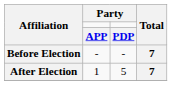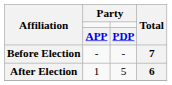 <table class="wikitable" style="text-align:center">
 <tr>
 <th rowspan="3">Affiliation</th>
 <th colspan="2">Party</th>
 <th rowspan="3">Total</th>
 </tr>
 <tr>
 <td style="background-color:"></td>
 <td style="background-color:"></td>
 </tr>
 <tr>
 <th><a href='#'>APP</a></th>
 <th><a href='#'>PDP</a></th>
 </tr>
 <tr>
 <th>Before Election</th>
 <td>-</td>
 <td>-</td>
 <th>7</th>
 </tr>
 <tr>
 <th>After Election</th>
 <td>1</td>
 <td>5</td>
-<th>7</th>
+<th>6</th>
 </tr>
 <tr>
 </tr>
 </table>
